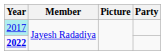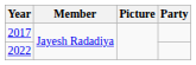 <table class="wikitable sortable">
 <tr>
 <th>Year</th>
 <th>Member</th>
 <th>Picture</th>
 <th colspan="2">Party</th>
 </tr>
 <tr>
-<td style="background: paleturquoise;"><a href='#'>2017</a></td>
+<td><a href='#'>2017</a></td>
 <td rowspan="2"><a href='#'>Jayesh Radadiya</a></td>
 <td rowspan="2"></td>
 <td></td>
 </tr>
 <tr>
-<td><strong><a href='#'>2022</a></strong></td>
+<td><a href='#'>2022</a></td>
 </tr>
 </table>
